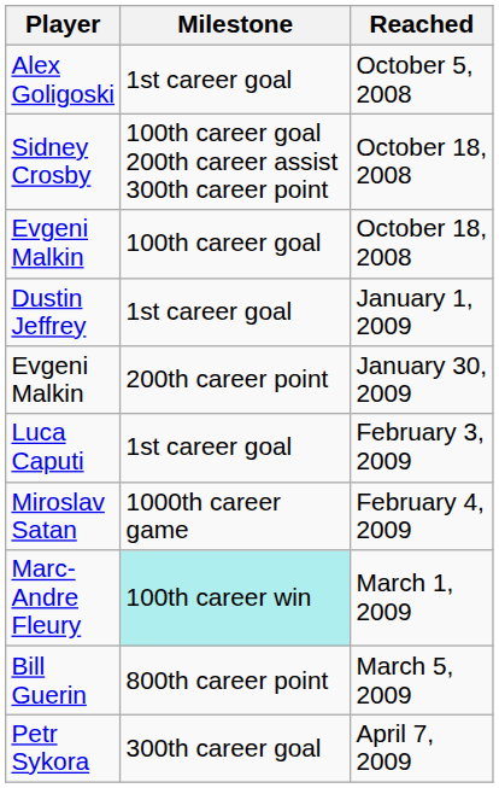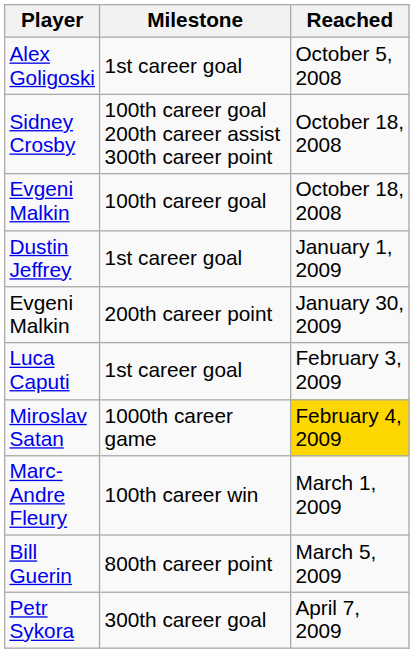 <table class="wikitable" style="width:50%;">
 <tr align=center>
 <th style="width:20%;">Player</th>
 <th style="width:50%;">Milestone</th>
 <th style="width:30%;">Reached</th>
 </tr>
 <tr>
 <td><a href='#'>Alex Goligoski</a></td>
 <td>1st career goal</td>
 <td>October 5, 2008</td>
 </tr>
 <tr>
 <td><a href='#'>Sidney Crosby</a></td>
 <td>100th career goal<br>200th career assist<br>300th career point</td>
 <td>October 18, 2008</td>
 </tr>
 <tr>
 <td><a href='#'>Evgeni Malkin</a></td>
 <td>100th career goal</td>
 <td>October 18, 2008</td>
 </tr>
 <tr>
 <td><a href='#'>Dustin Jeffrey</a></td>
 <td>1st career goal</td>
 <td>January 1, 2009</td>
 </tr>
 <tr>
 <td>Evgeni Malkin</td>
 <td>200th career point</td>
 <td>January 30, 2009</td>
 </tr>
 <tr>
 <td><a href='#'>Luca Caputi</a></td>
 <td>1st career goal</td>
 <td>February 3, 2009</td>
 </tr>
 <tr>
 <td><a href='#'>Miroslav Satan</a></td>
 <td>1000th career game</td>
-<td>February 4, 2009</td>
+<td style="background: gold;">February 4, 2009</td>
 </tr>
 <tr>
 <td><a href='#'>Marc-Andre Fleury</a></td>
-<td style="background: paleturquoise;">100th career win</td>
+<td>100th career win</td>
 <td>March 1, 2009</td>
 </tr>
 <tr>
 <td><a href='#'>Bill Guerin</a></td>
 <td>800th career point</td>
 <td>March 5, 2009</td>
 </tr>
 <tr>
 <td><a href='#'>Petr Sykora</a></td>
 <td>300th career goal</td>
 <td>April 7, 2009</td>
 </tr>
 </table>
